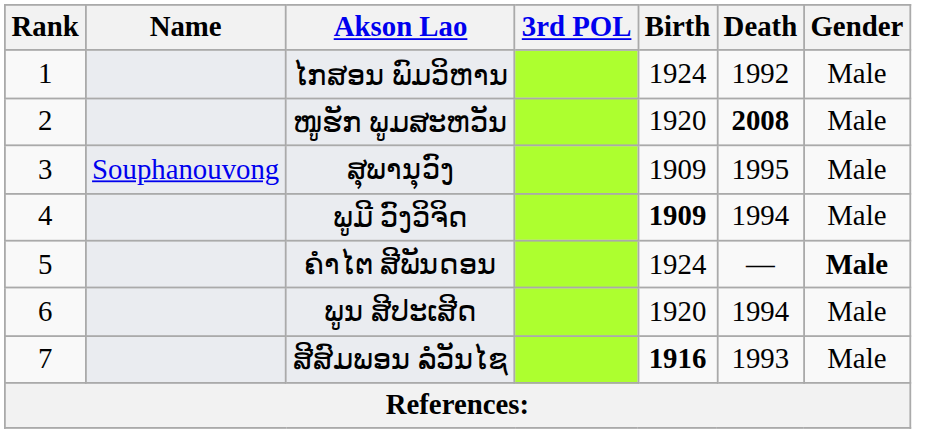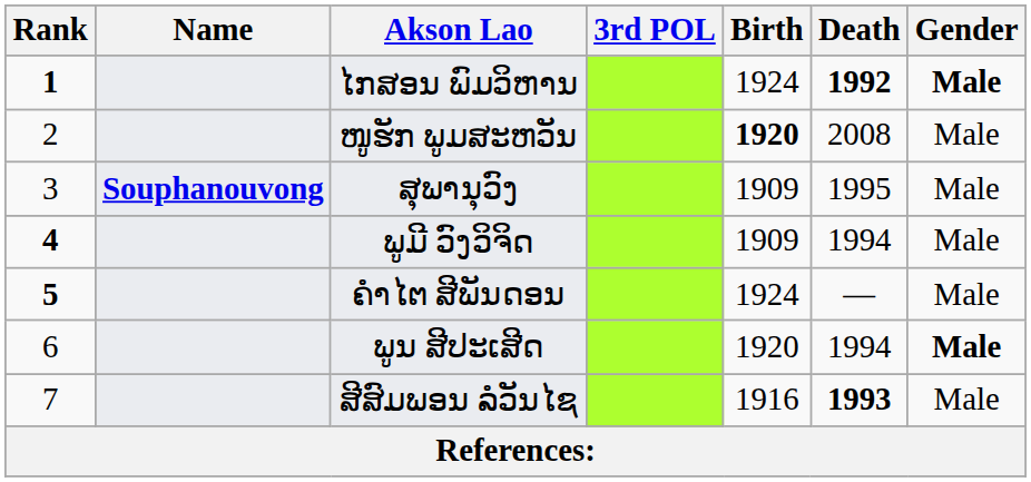 <table class="wikitable sortable" style=text-align:center>
 <tr>
 <th>Rank</th>
 <th>Name</th>
 <th class="unsortable"><a href='#'>Akson Lao</a></th>
 <th unsortable><a href='#'>3rd POL</a></th>
 <th>Birth</th>
 <th>Death</th>
 <th>Gender</th>
 </tr>
 <tr>
-<td>1</td>
+<td><strong>1</strong></td>
 <td bgcolor = #EAECF0></td>
 <td bgcolor = #EAECF0>ໄກສອນ ພົມວິຫານ</td>
 <td bgcolor = GreenYellow></td>
 <td>1924</td>
-<td>1992</td>
-<td>Male</td>
+<td><strong>1992</strong></td>
+<td><strong>Male</strong></td>
 </tr>
 <tr>
 <td>2</td>
 <td bgcolor = #EAECF0></td>
 <td bgcolor = #EAECF0>ໜູຮັກ ພູມສະຫວັນ</td>
 <td bgcolor = GreenYellow></td>
-<td>1920</td>
-<td><strong>2008</strong></td>
+<td><strong>1920</strong></td>
+<td>2008</td>
 <td>Male</td>
 </tr>
 <tr>
 <td>3</td>
-<td bgcolor = #EAECF0><a href='#'>Souphanouvong</a></td>
+<td bgcolor = #EAECF0><strong><a href='#'>Souphanouvong</a></strong></td>
 <td bgcolor = #EAECF0>ສຸພານຸວົງ</td>
 <td bgcolor = GreenYellow></td>
 <td>1909</td>
 <td>1995</td>
 <td>Male</td>
 </tr>
 <tr>
-<td>4</td>
+<td><strong>4</strong></td>
 <td bgcolor = #EAECF0></td>
 <td bgcolor = #EAECF0>ພູມີ ວົງວິຈິດ</td>
 <td bgcolor = GreenYellow></td>
-<td><strong>1909</strong></td>
+<td>1909</td>
 <td>1994</td>
 <td>Male</td>
 </tr>
 <tr>
-<td>5</td>
+<td><strong>5</strong></td>
 <td bgcolor = #EAECF0></td>
 <td bgcolor = #EAECF0>ຄໍາໄຕ ສີພັນດອນ</td>
 <td bgcolor = GreenYellow></td>
 <td>1924</td>
 <td>—</td>
-<td><strong>Male</strong></td>
+<td>Male</td>
 </tr>
 <tr>
 <td>6</td>
 <td bgcolor = #EAECF0></td>
 <td bgcolor = #EAECF0>ພູນ ສີປະເສີດ</td>
 <td bgcolor = GreenYellow></td>
 <td>1920</td>
 <td>1994</td>
-<td>Male</td>
+<td><strong>Male</strong></td>
 </tr>
 <tr>
 <td>7</td>
 <td bgcolor = #EAECF0></td>
 <td bgcolor = #EAECF0>ສີສົມພອນ ລໍວັນໄຊ</td>
 <td bgcolor = GreenYellow></td>
-<td><strong>1916</strong></td>
-<td>1993</td>
+<td>1916</td>
+<td><strong>1993</strong></td>
 <td>Male</td>
 </tr>
 <tr class=sortbottom>
 <th colspan = "23" align = left><strong>References:</strong><br></th>
 </tr>
 </table>
